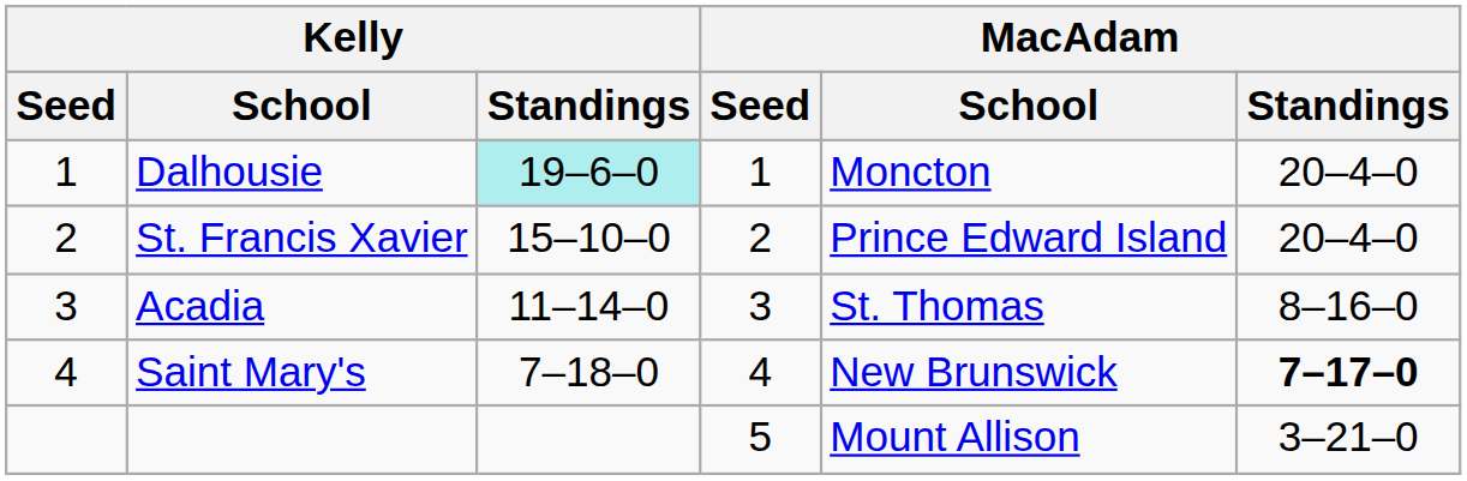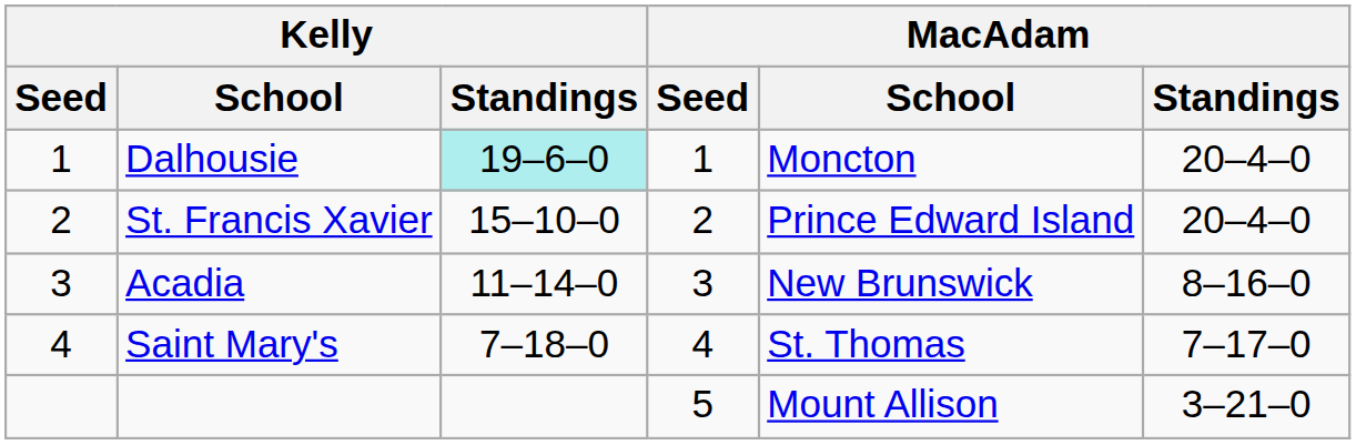 <table class="wikitable">
 <tr>
 <th colspan=3>Kelly</th>
 <th colspan=3>MacAdam</th>
 </tr>
 <tr>
 <th>Seed</th>
 <th>School</th>
 <th>Standings</th>
 <th>Seed</th>
 <th>School</th>
 <th>Standings</th>
 </tr>
 <tr>
 <td align=center>1</td>
 <td><a href='#'>Dalhousie</a></td>
 <td align=center style="background: paleturquoise;">19–6–0</td>
 <td align=center>1</td>
 <td><a href='#'>Moncton</a></td>
 <td align=center>20–4–0</td>
 </tr>
 <tr>
 <td align=center>2</td>
 <td><a href='#'>St. Francis Xavier</a></td>
 <td align=center>15–10–0</td>
 <td align=center>2</td>
 <td><a href='#'>Prince Edward Island</a></td>
 <td align=center>20–4–0</td>
 </tr>
 <tr>
 <td align=center>3</td>
 <td><a href='#'>Acadia</a></td>
 <td align=center>11–14–0</td>
 <td align=center>3</td>
-<td><a href='#'>St. Thomas</a></td>
+<td><a href='#'>New Brunswick</a></td>
 <td align=center>8–16–0</td>
 </tr>
 <tr>
 <td align=center>4</td>
 <td><a href='#'>Saint Mary's</a></td>
 <td align=center>7–18–0</td>
 <td align=center>4</td>
-<td><a href='#'>New Brunswick</a></td>
-<td align=center><strong>7–17–0</strong></td>
+<td><a href='#'>St. Thomas</a></td>
+<td align=center>7–17–0</td>
 </tr>
 <tr>
 <td></td>
 <td></td>
 <td></td>
 <td align=center>5</td>
 <td><a href='#'>Mount Allison</a></td>
 <td align=center>3–21–0</td>
 </tr>
 </table>
